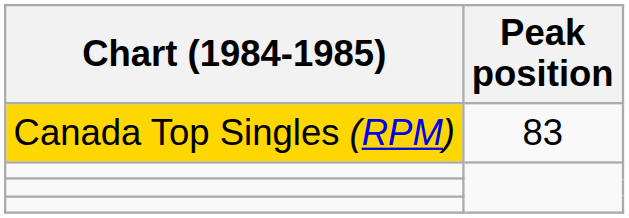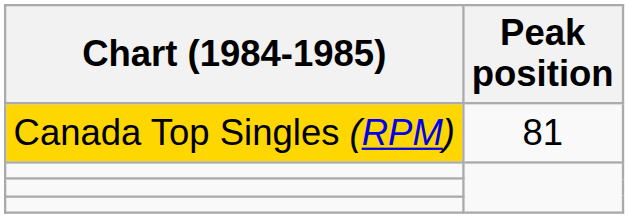 <table class="wikitable sortable">
 <tr>
 <th>Chart (1984-1985)</th>
 <th>Peak<br>position</th>
 </tr>
 <tr>
 <td style="background: gold;">Canada Top Singles <em>(<a href='#'>RPM</a>)</em></td>
-<td align="center">83</td>
+<td align="center">81</td>
 </tr>
 <tr>
 <td></td>
 </tr>
 <tr>
 <td></td>
 </tr>
 <tr>
 <td></td>
 </tr>
 </table>
